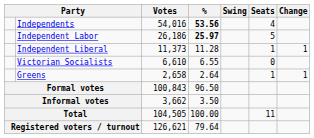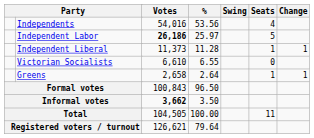 <table class="wikitable" style="text-align:right; margin-bottom:0">
 <tr>
 <th style="width:10px" colspan=3>Party</th>
 <th style="width:70px;">Votes</th>
 <th style="width:40px;">%</th>
 <th style="width:40px;">Swing</th>
 <th style="width:40px;">Seats</th>
 <th style="width:40px;">Change</th>
 </tr>
 <tr>
 <td> </td>
 <td style="text-align:left;" colspan="2"><a href='#'>Independents</a></td>
 <td>54,016</td>
-<td><strong>53.56</strong></td>
+<td>53.56</td>
 <td></td>
 <td>4</td>
 <td></td>
 </tr>
 <tr>
 <td> </td>
 <td style="text-align:left;" colspan="2"><a href='#'>Independent Labor</a></td>
-<td>26,186</td>
-<td><strong>25.97</strong></td>
+<td><strong>26,186</strong></td>
+<td>25.97</td>
 <td></td>
 <td>5</td>
 <td></td>
 </tr>
 <tr>
 <td> </td>
 <td style="text-align:left;" colspan="2"><a href='#'>Independent Liberal</a></td>
 <td>11,373</td>
 <td>11.28</td>
 <td></td>
 <td>1</td>
 <td> 1</td>
 </tr>
 <tr>
 <td> </td>
 <td style="text-align:left;" colspan="2"><a href='#'>Victorian Socialists</a></td>
 <td>6,610</td>
 <td>6.55</td>
 <td></td>
 <td>0</td>
 <td></td>
 </tr>
 <tr>
 <td> </td>
 <td style="text-align:left;" colspan="2"><a href='#'>Greens</a></td>
 <td>2,658</td>
 <td>2.64</td>
 <td></td>
 <td>1</td>
 <td> 1</td>
 </tr>
 <tr>
 <th colspan="3" rowspan="1"> Formal votes</th>
 <td>100,843</td>
 <td>96.50</td>
 <td></td>
 <td></td>
 <td></td>
 </tr>
 <tr>
 <th colspan="3" rowspan="1"> Informal votes</th>
-<td>3,662</td>
+<td><strong>3,662</strong></td>
 <td>3.50</td>
 <td></td>
 <td></td>
 <td></td>
 </tr>
 <tr>
 <th colspan="3" rowspan="1"> Total</th>
 <td>104,505</td>
 <td>100.00</td>
 <td></td>
 <td>11</td>
 <td></td>
 </tr>
 <tr>
 <th colspan="3" rowspan="1"> Registered voters / turnout</th>
 <td>126,621</td>
 <td>79.64</td>
 <td></td>
 <td></td>
 <td></td>
 </tr>
 </table>
